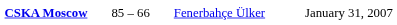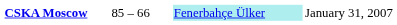 <table style="text-align:center">
 <tr>
 <th width=160></th>
 <th width=100></th>
 <th width=160></th>
 <th width=200></th>
 </tr>
 <tr>
 <td align=right><strong><a href='#'>CSKA Moscow</a></strong> </td>
 <td>85 – 66</td>
-<td align=left> <a href='#'>Fenerbahçe Ülker</a></td>
+<td align=left style="background: paleturquoise;"> <a href='#'>Fenerbahçe Ülker</a></td>
 <td align=left>January 31, 2007</td>
 </tr>
 </table>
